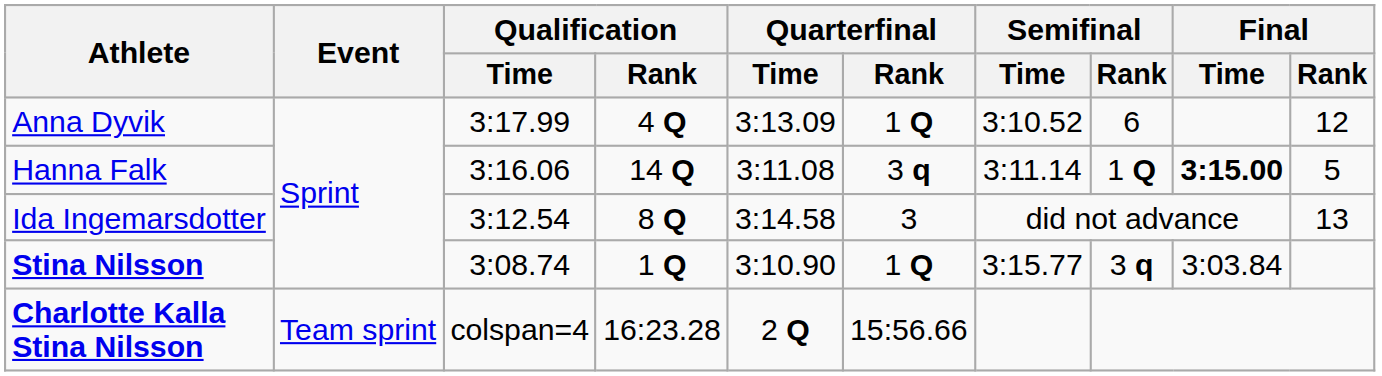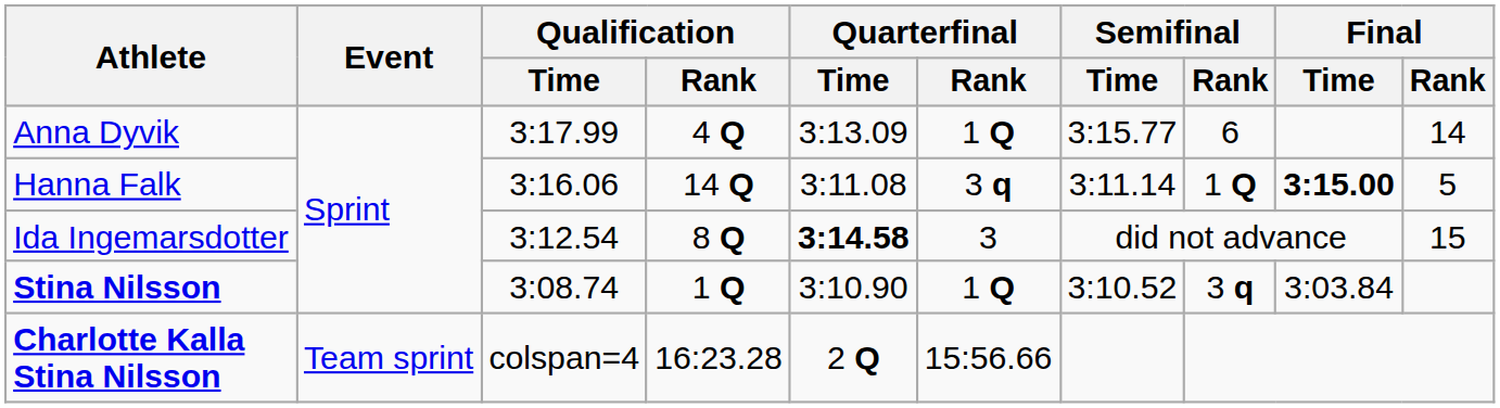 <table class="wikitable" style="font-size:90%">
 <tr>
 <th rowspan="2">Athlete</th>
 <th rowspan="2">Event</th>
 <th colspan="2">Qualification</th>
 <th colspan="2">Quarterfinal</th>
 <th colspan="2">Semifinal</th>
 <th colspan="2">Final</th>
 </tr>
 <tr style="font-size:95%">
 <th>Time</th>
 <th>Rank</th>
 <th>Time</th>
 <th>Rank</th>
 <th>Time</th>
 <th>Rank</th>
 <th>Time</th>
 <th>Rank</th>
 </tr>
 <tr align=center>
 <td align=left><a href='#'>Anna Dyvik</a></td>
 <td align=left rowspan=4><a href='#'>Sprint</a></td>
 <td>3:17.99</td>
 <td>4 <strong>Q</strong></td>
 <td>3:13.09</td>
 <td>1 <strong>Q</strong></td>
-<td>3:10.52</td>
+<td>3:15.77</td>
 <td>6</td>
 <td></td>
-<td>12</td>
+<td>14</td>
 </tr>
 <tr align=center>
 <td align=left><a href='#'>Hanna Falk</a></td>
 <td>3:16.06</td>
 <td>14 <strong>Q</strong></td>
 <td>3:11.08</td>
 <td>3 <strong>q</strong></td>
 <td>3:11.14</td>
 <td>1 <strong>Q</strong></td>
 <td><strong>3:15.00</strong></td>
 <td>5</td>
 </tr>
 <tr align=center>
 <td align=left><a href='#'>Ida Ingemarsdotter</a></td>
 <td>3:12.54</td>
 <td>8 <strong>Q</strong></td>
-<td>3:14.58</td>
+<td><strong>3:14.58</strong></td>
 <td>3</td>
 <td colspan=3>did not advance</td>
-<td>13</td>
+<td>15</td>
 </tr>
 <tr align=center>
 <td align=left><strong><a href='#'>Stina Nilsson</a></strong></td>
 <td>3:08.74</td>
 <td>1 <strong>Q</strong></td>
 <td>3:10.90</td>
 <td>1 <strong>Q</strong></td>
-<td>3:15.77</td>
+<td>3:10.52</td>
 <td>3 <strong>q</strong></td>
 <td>3:03.84</td>
 <td></td>
 </tr>
 <tr align=center>
 <td align=left><strong><a href='#'>Charlotte Kalla</a><br><a href='#'>Stina Nilsson</a></strong></td>
 <td align=left><a href='#'>Team sprint</a></td>
 <td>colspan=4 </td>
 <td>16:23.28</td>
 <td>2 <strong>Q</strong></td>
 <td>15:56.66</td>
 <td></td>
 </tr>
 </table>
